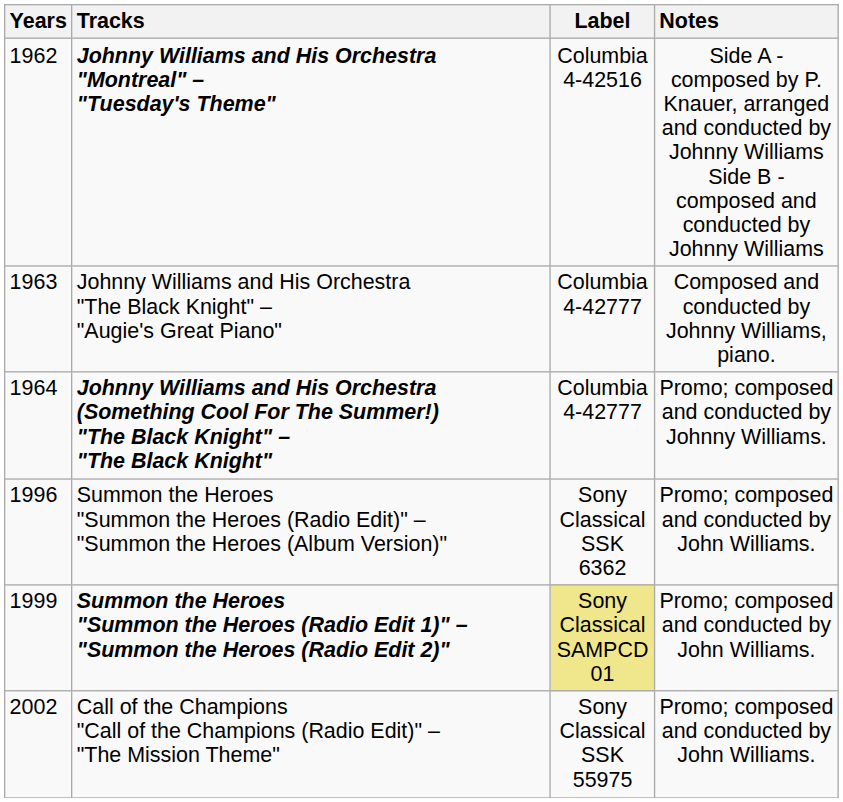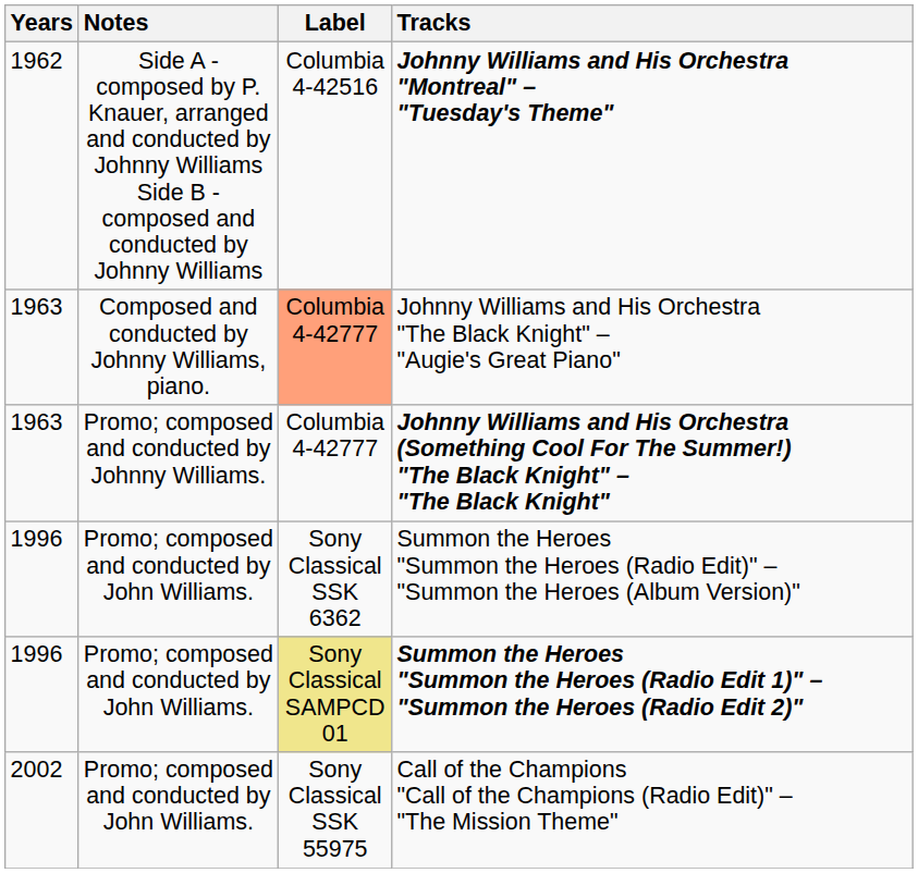 <table class="wikitable">
 <tr>
 <th style="vertical-align:top; text-align:left; width:40px;">Years</th>
+<th style="vertical-align:top; text-align:left; width:130px;">Notes</th>
+<th style="vertical-align:top; text-align:center; width:70px;">Label</th>
 <th style="vertical-align:top; text-align:left; width:350px;">Tracks</th>
-<th style="vertical-align:top; text-align:center; width:70px;">Label</th>
-<th style="vertical-align:top; text-align:left; width:130px;">Notes</th>
 </tr>
 <tr style="vertical-align:top;">
 <td style="text-align:left; ">1962</td>
+<td style="text-align:center; ">Side A - composed by P. Knauer, arranged and conducted by Johnny Williams<br>Side B - composed and conducted by Johnny Williams</td>
+<td style="text-align:center; ">Columbia 4-42516</td>
 <td style="text-align:left; "><strong><em>Johnny Williams and His Orchestra<em><strong><br>"Montreal" –<br>"Tuesday's Theme"</td>
-<td style="text-align:center; ">Columbia 4-42516</td>
-<td style="text-align:center; ">Side A - composed by P. Knauer, arranged and conducted by Johnny Williams<br>Side B - composed and conducted by Johnny Williams</td>
 </tr>
 <tr style="vertical-align:top;">
 <td style="text-align:left; ">1963</td>
+<td style="text-align:center; ">Composed and conducted by Johnny Williams, piano.</td>
+<td style="background: lightsalmon; text-align:center; ">Columbia 4-42777</td>
 <td style="text-align:left; "></em></strong>Johnny Williams and His Orchestra</em></strong><br>"The Black Knight" –<br>"Augie's Great Piano"</td>
-<td style="text-align:center; ">Columbia 4-42777</td>
-<td style="text-align:center; ">Composed and conducted by Johnny Williams, piano.</td>
 </tr>
 <tr style="vertical-align:top;">
-<td style="text-align:left; ">1964</td>
+<td style="text-align:left; ">1963</td>
+<td style="text-align:center; ">Promo; composed and conducted by Johnny Williams.</td>
+<td style="text-align:center; ">Columbia 4-42777</td>
 <td style="text-align:left; "><strong><em>Johnny Williams and His Orchestra (Something Cool For The Summer!)<em><strong><br>"The Black Knight" –<br>"The Black Knight"</td>
-<td style="text-align:center; ">Columbia 4-42777</td>
-<td style="text-align:center; ">Promo; composed and conducted by Johnny Williams.</td>
 </tr>
 <tr style="vertical-align:top;">
 <td style="text-align:left; ">1996</td>
+<td style="text-align:center; ">Promo; composed and conducted by John Williams.</td>
+<td style="text-align:center; ">Sony Classical SSK 6362</td>
 <td style="text-align:left; "></em></strong>Summon the Heroes </em></strong><br>"Summon the Heroes (Radio Edit)" –<br>"Summon the Heroes (Album Version)"</td>
-<td style="text-align:center; ">Sony Classical SSK 6362</td>
-<td style="text-align:center; ">Promo; composed and conducted by John Williams.</td>
 </tr>
 <tr style="vertical-align:top;">
-<td style="text-align:left; ">1999</td>
+<td style="text-align:left; ">1996</td>
+<td style="text-align:center; ">Promo; composed and conducted by John Williams.</td>
+<td style="background: khaki; text-align:center; ">Sony Classical SAMPCD 01</td>
 <td style="text-align:left; "><strong><em>Summon the Heroes <em><strong><br>"Summon the Heroes (Radio Edit 1)" –<br>"Summon the Heroes (Radio Edit 2)"</td>
-<td style="background: khaki; text-align:center; ">Sony Classical SAMPCD 01</td>
-<td style="text-align:center; ">Promo; composed and conducted by John Williams.</td>
 </tr>
 <tr style="vertical-align:top;">
 <td style="text-align:left; ">2002</td>
+<td style="text-align:center; ">Promo; composed and conducted by John Williams.</td>
+<td style="text-align:center; ">Sony Classical SSK 55975</td>
 <td style="text-align:left; "></em></strong>Call of the Champions</em></strong><br>"Call of the Champions (Radio Edit)" –<br>"The Mission Theme"</td>
-<td style="text-align:center; ">Sony Classical SSK 55975</td>
-<td style="text-align:center; ">Promo; composed and conducted by John Williams.</td>
 </tr>
 </table>
